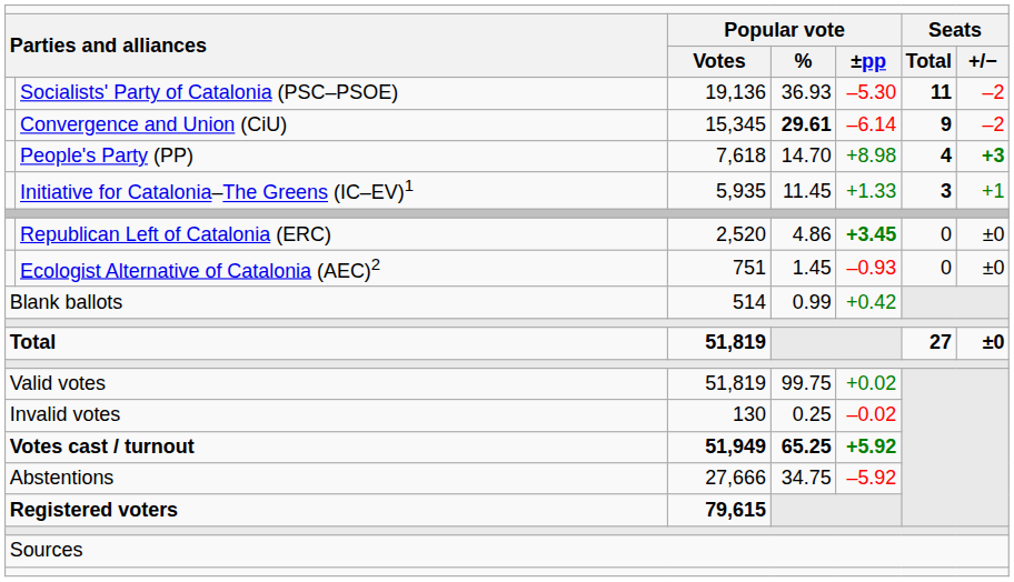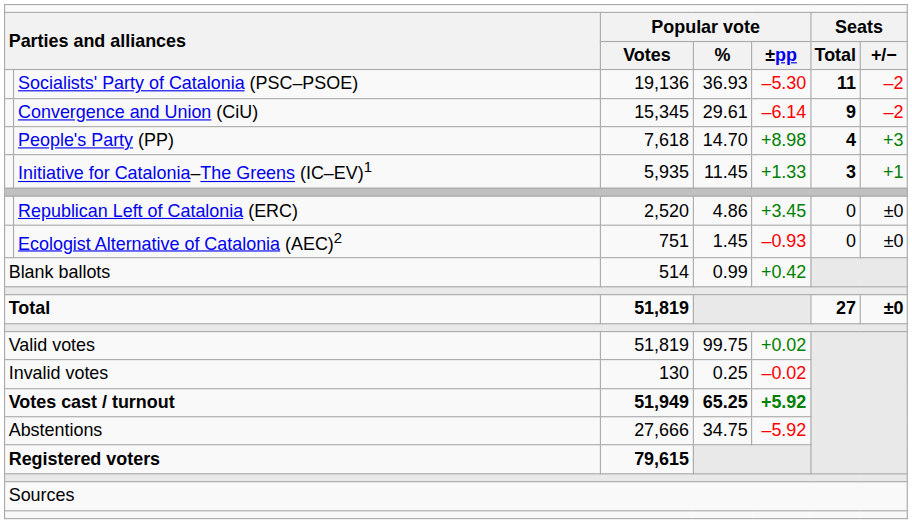 <table class="wikitable" style="text-align:right;">
 <tr>
 <td colspan="7"></td>
 </tr>
 <tr>
 <th style="text-align:left;" rowspan="2" colspan="2" width="525">Parties and alliances</th>
 <th colspan="3">Popular vote</th>
 <th colspan="2">Seats</th>
 </tr>
 <tr>
 <th width="75">Votes</th>
 <th width="45">%</th>
 <th width="45">±<a href='#'>pp</a></th>
 <th width="35">Total</th>
 <th width="35">+/−</th>
 </tr>
 <tr>
 <td width="1" style="color:inherit;background:"></td>
 <td align="left"><a href='#'>Socialists' Party of Catalonia</a> (PSC–PSOE)</td>
 <td>19,136</td>
 <td>36.93</td>
 <td style="color:red;">–5.30</td>
 <td><strong>11</strong></td>
 <td style="color:red;">–2</td>
 </tr>
 <tr>
 <td style="color:inherit;background:"></td>
 <td align="left"><a href='#'>Convergence and Union</a> (CiU)</td>
 <td>15,345</td>
-<td><strong>29.61</strong></td>
+<td>29.61</td>
 <td style="color:red;">–6.14</td>
 <td><strong>9</strong></td>
 <td style="color:red;">–2</td>
 </tr>
 <tr>
 <td style="color:inherit;background:"></td>
 <td align="left"><a href='#'>People's Party</a> (PP)</td>
 <td>7,618</td>
 <td>14.70</td>
 <td style="color:green;">+8.98</td>
 <td><strong>4</strong></td>
-<td style="color:green;"><strong>+3</strong></td>
+<td style="color:green;">+3</td>
 </tr>
 <tr>
 <td style="color:inherit;background:"></td>
 <td align="left"><a href='#'>Initiative for Catalonia</a>–<a href='#'>The Greens</a> (IC–EV)<sup>1</sup></td>
 <td>5,935</td>
 <td>11.45</td>
 <td style="color:green;">+1.33</td>
 <td><strong>3</strong></td>
 <td style="color:green;">+1</td>
 </tr>
 <tr>
 <td colspan="7" style="color:inherit;background:#C0C0C0"></td>
 </tr>
 <tr>
 <td style="color:inherit;background:"></td>
 <td align="left"><a href='#'>Republican Left of Catalonia</a> (ERC)</td>
 <td>2,520</td>
 <td>4.86</td>
-<td style="color:green;"><strong>+3.45</strong></td>
+<td style="color:green;">+3.45</td>
 <td>0</td>
 <td>±0</td>
 </tr>
 <tr>
 <td style="color:inherit;background:"></td>
 <td align="left"><a href='#'>Ecologist Alternative of Catalonia</a> (AEC)<sup>2</sup></td>
 <td>751</td>
 <td>1.45</td>
 <td style="color:red;">–0.93</td>
 <td>0</td>
 <td>±0</td>
 </tr>
 <tr>
 <td align="left" colspan="2">Blank ballots</td>
 <td>514</td>
 <td>0.99</td>
 <td style="color:green;">+0.42</td>
 <td style="color:inherit;background:#E9E9E9" colspan="2"></td>
 </tr>
 <tr>
 <td colspan="7" style="color:inherit;background:#E9E9E9"></td>
 </tr>
 <tr style="font-weight:bold;">
 <td align="left" colspan="2">Total</td>
 <td>51,819</td>
 <td bgcolor="#E9E9E9" colspan="2"></td>
 <td>27</td>
 <td>±0</td>
 </tr>
 <tr>
 <td colspan="7" style="color:inherit;background:#E9E9E9"></td>
 </tr>
 <tr>
 <td align="left" colspan="2">Valid votes</td>
 <td>51,819</td>
 <td>99.75</td>
 <td style="color:green;">+0.02</td>
 <td bgcolor="#E9E9E9" colspan="2" rowspan="5"></td>
 </tr>
 <tr>
 <td align="left" colspan="2">Invalid votes</td>
 <td>130</td>
 <td>0.25</td>
 <td style="color:red;">–0.02</td>
 </tr>
 <tr style="font-weight:bold;">
 <td align="left" colspan="2">Votes cast / turnout</td>
 <td>51,949</td>
 <td>65.25</td>
 <td style="color:green;">+5.92</td>
 </tr>
 <tr>
 <td align="left" colspan="2">Abstentions</td>
 <td>27,666</td>
 <td>34.75</td>
 <td style="color:red;">–5.92</td>
 </tr>
 <tr style="font-weight:bold;">
 <td align="left" colspan="2">Registered voters</td>
 <td>79,615</td>
 <td bgcolor="#E9E9E9" colspan="2"></td>
 </tr>
 <tr>
 <td colspan="7" style="color:inherit;background:#E9E9E9"></td>
 </tr>
 <tr>
 <td align="left" colspan="7">Sources</td>
 </tr>
 <tr>
 <td colspan="7" style="text-align:left; max-width:790px;"></td>
 </tr>
 </table>
